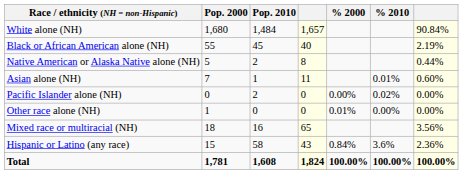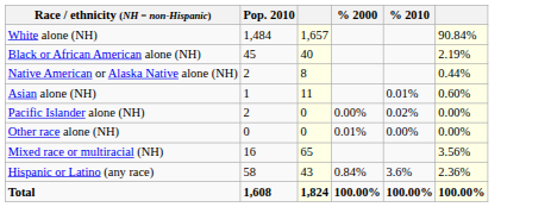 <table class="wikitable">
 <tr>
 <th>Race / ethnicity <small>(<em>NH = non-Hispanic</em>)</small></th>
-<th>Pop. 2000</th>
 <th>Pop. 2010</th>
 <th></th>
 <th>% 2000</th>
 <th>% 2010</th>
 <th></th>
 </tr>
 <tr>
 <td><a href='#'>White</a> alone (NH)</td>
-<td>1,680</td>
 <td>1,484</td>
 <td style='background: #ffffe6;'>1,657</td>
 <td></td>
 <td></td>
 <td style='background: #ffffe6;'>90.84%</td>
 </tr>
 <tr>
 <td><a href='#'>Black or African American</a> alone (NH)</td>
-<td>55</td>
 <td>45</td>
 <td style='background: #ffffe6;'>40</td>
 <td></td>
 <td></td>
 <td style='background: #ffffe6;'>2.19%</td>
 </tr>
 <tr>
 <td><a href='#'>Native American</a> or <a href='#'>Alaska Native</a> alone (NH)</td>
-<td>5</td>
 <td>2</td>
 <td style='background: #ffffe6;'>8</td>
 <td></td>
 <td></td>
 <td style='background: #ffffe6;'>0.44%</td>
 </tr>
 <tr>
 <td><a href='#'>Asian</a> alone (NH)</td>
-<td>7</td>
 <td>1</td>
 <td style='background: #ffffe6;'>11</td>
 <td></td>
 <td>0.01%</td>
 <td style='background: #ffffe6;'>0.60%</td>
 </tr>
 <tr>
 <td><a href='#'>Pacific Islander</a> alone (NH)</td>
-<td>0</td>
 <td>2</td>
 <td style='background: #ffffe6;'>0</td>
 <td>0.00%</td>
 <td>0.02%</td>
 <td style='background: #ffffe6;'>0.00%</td>
 </tr>
 <tr>
 <td><a href='#'>Other race</a> alone (NH)</td>
-<td>1</td>
 <td>0</td>
 <td style='background: #ffffe6;'>0</td>
 <td>0.01%</td>
 <td>0.00%</td>
 <td style='background: #ffffe6;'>0.00%</td>
 </tr>
 <tr>
 <td><a href='#'>Mixed race or multiracial</a> (NH)</td>
-<td>18</td>
 <td>16</td>
 <td style='background: #ffffe6;'>65</td>
 <td></td>
 <td></td>
 <td style='background: #ffffe6;'>3.56%</td>
 </tr>
 <tr>
 <td><a href='#'>Hispanic or Latino</a> (any race)</td>
-<td>15</td>
 <td>58</td>
 <td style='background: #ffffe6;'>43</td>
 <td>0.84%</td>
 <td>3.6%</td>
 <td style='background: #ffffe6;'>2.36%</td>
 </tr>
 <tr>
 <td><strong>Total</strong></td>
-<td><strong>1,781</strong></td>
 <td><strong>1,608</strong></td>
 <td style='background: #ffffe6;'><strong>1,824</strong></td>
 <td><strong>100.00%</strong></td>
 <td><strong>100.00%</strong></td>
 <td style='background: #ffffe6;'><strong>100.00%</strong></td>
 </tr>
 </table>
